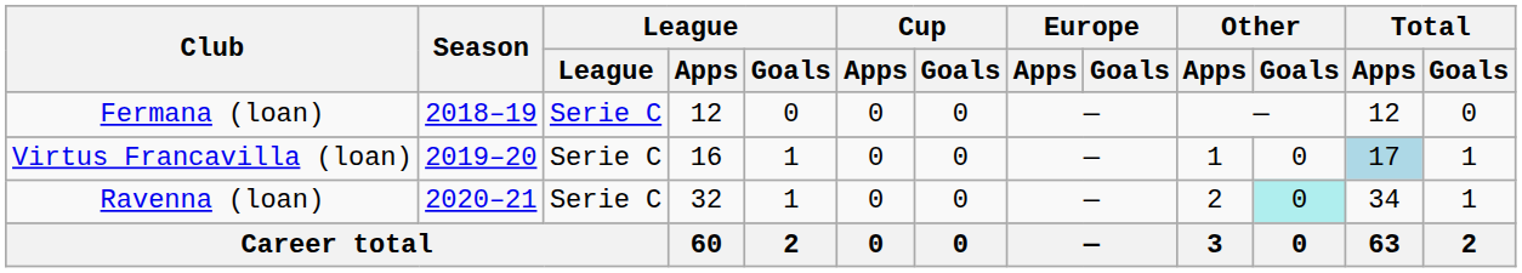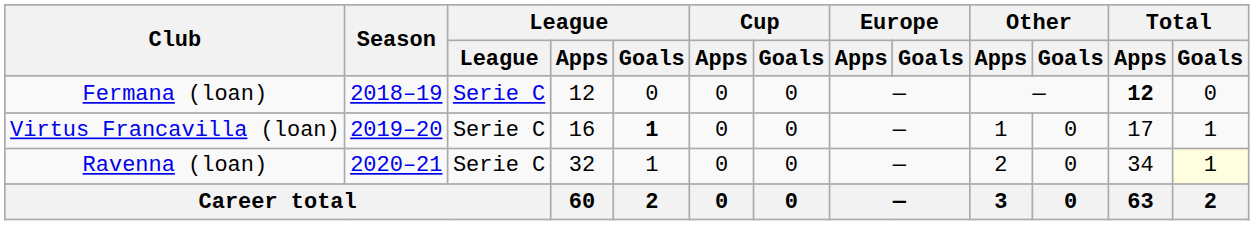 <table class="wikitable" style="text-align: center;">
 <tr>
 <th rowspan="2">Club</th>
 <th rowspan="2">Season</th>
 <th colspan="3">League</th>
 <th colspan="2">Cup</th>
 <th colspan="2">Europe</th>
 <th colspan="2">Other</th>
 <th colspan="2">Total</th>
 </tr>
 <tr>
 <th>League</th>
 <th>Apps</th>
 <th>Goals</th>
 <th>Apps</th>
 <th>Goals</th>
 <th>Apps</th>
 <th>Goals</th>
 <th>Apps</th>
 <th>Goals</th>
 <th>Apps</th>
 <th>Goals</th>
 </tr>
 <tr>
 <td><a href='#'>Fermana</a> (loan)</td>
 <td><a href='#'>2018–19</a></td>
 <td><a href='#'>Serie C</a></td>
 <td>12</td>
 <td>0</td>
 <td>0</td>
 <td>0</td>
 <td colspan="2">—</td>
 <td colspan="2">—</td>
-<td>12</td>
+<td><strong>12</strong></td>
 <td>0</td>
 </tr>
 <tr>
 <td><a href='#'>Virtus Francavilla</a> (loan)</td>
 <td><a href='#'>2019–20</a></td>
 <td>Serie C</td>
 <td>16</td>
-<td>1</td>
+<td><strong>1</strong></td>
 <td>0</td>
 <td>0</td>
 <td colspan="2">—</td>
 <td>1</td>
 <td>0</td>
-<td style="background: lightblue;">17</td>
+<td>17</td>
 <td>1</td>
 </tr>
 <tr>
 <td><a href='#'>Ravenna</a> (loan)</td>
 <td><a href='#'>2020–21</a></td>
 <td>Serie C</td>
 <td>32</td>
 <td>1</td>
 <td>0</td>
 <td>0</td>
 <td colspan="2">—</td>
 <td>2</td>
-<td style="background: paleturquoise;">0</td>
+<td>0</td>
 <td>34</td>
-<td>1</td>
+<td style="background: lightyellow;">1</td>
 </tr>
 <tr>
 <th colspan="3">Career total</th>
 <th>60</th>
 <th>2</th>
 <th>0</th>
 <th>0</th>
 <th colspan="2">—</th>
 <th>3</th>
 <th>0</th>
 <th>63</th>
 <th>2</th>
 </tr>
 </table>
